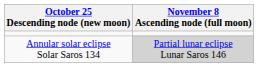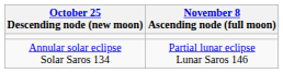 <table class="wikitable">
 <tr>
 <th><a href='#'>October 25</a><br>Descending node (new moon)<br></th>
 <th><a href='#'>November 8</a><br>Ascending node (full moon)<br></th>
 </tr>
 <tr>
 <td></td>
 <td></td>
 </tr>
 <tr align=center>
 <td><a href='#'>Annular solar eclipse</a><br>Solar Saros 134</td>
-<td style="background: lightgrey;"><a href='#'>Partial lunar eclipse</a><br>Lunar Saros 146</td>
+<td><a href='#'>Partial lunar eclipse</a><br>Lunar Saros 146</td>
 </tr>
 </table>
